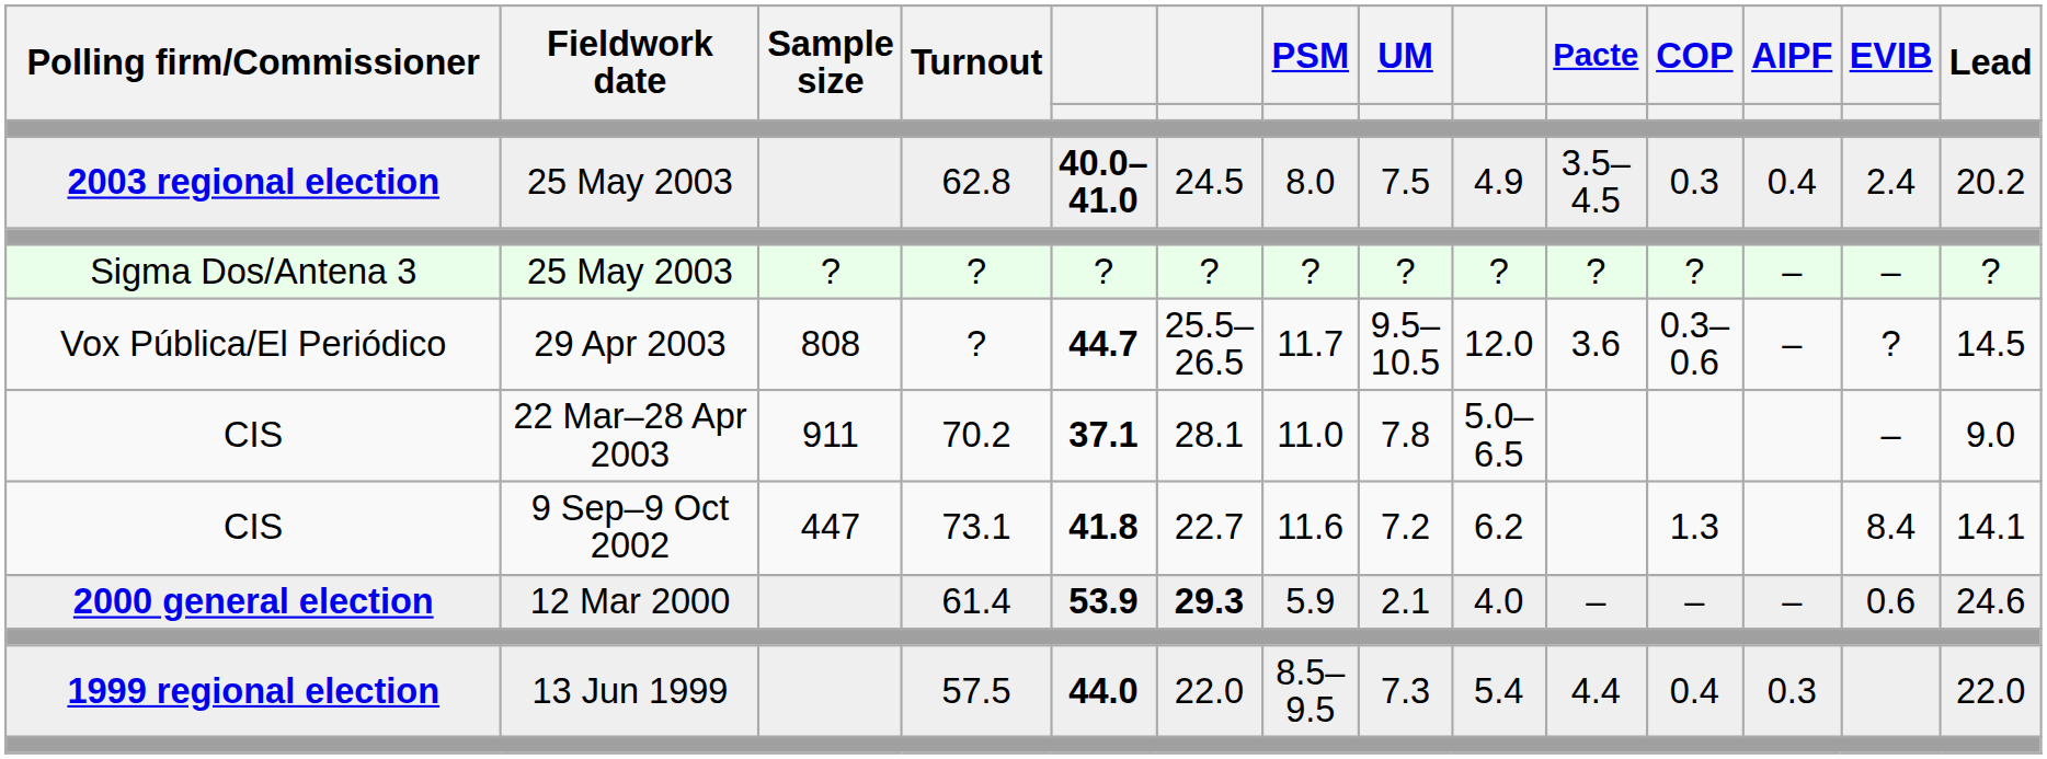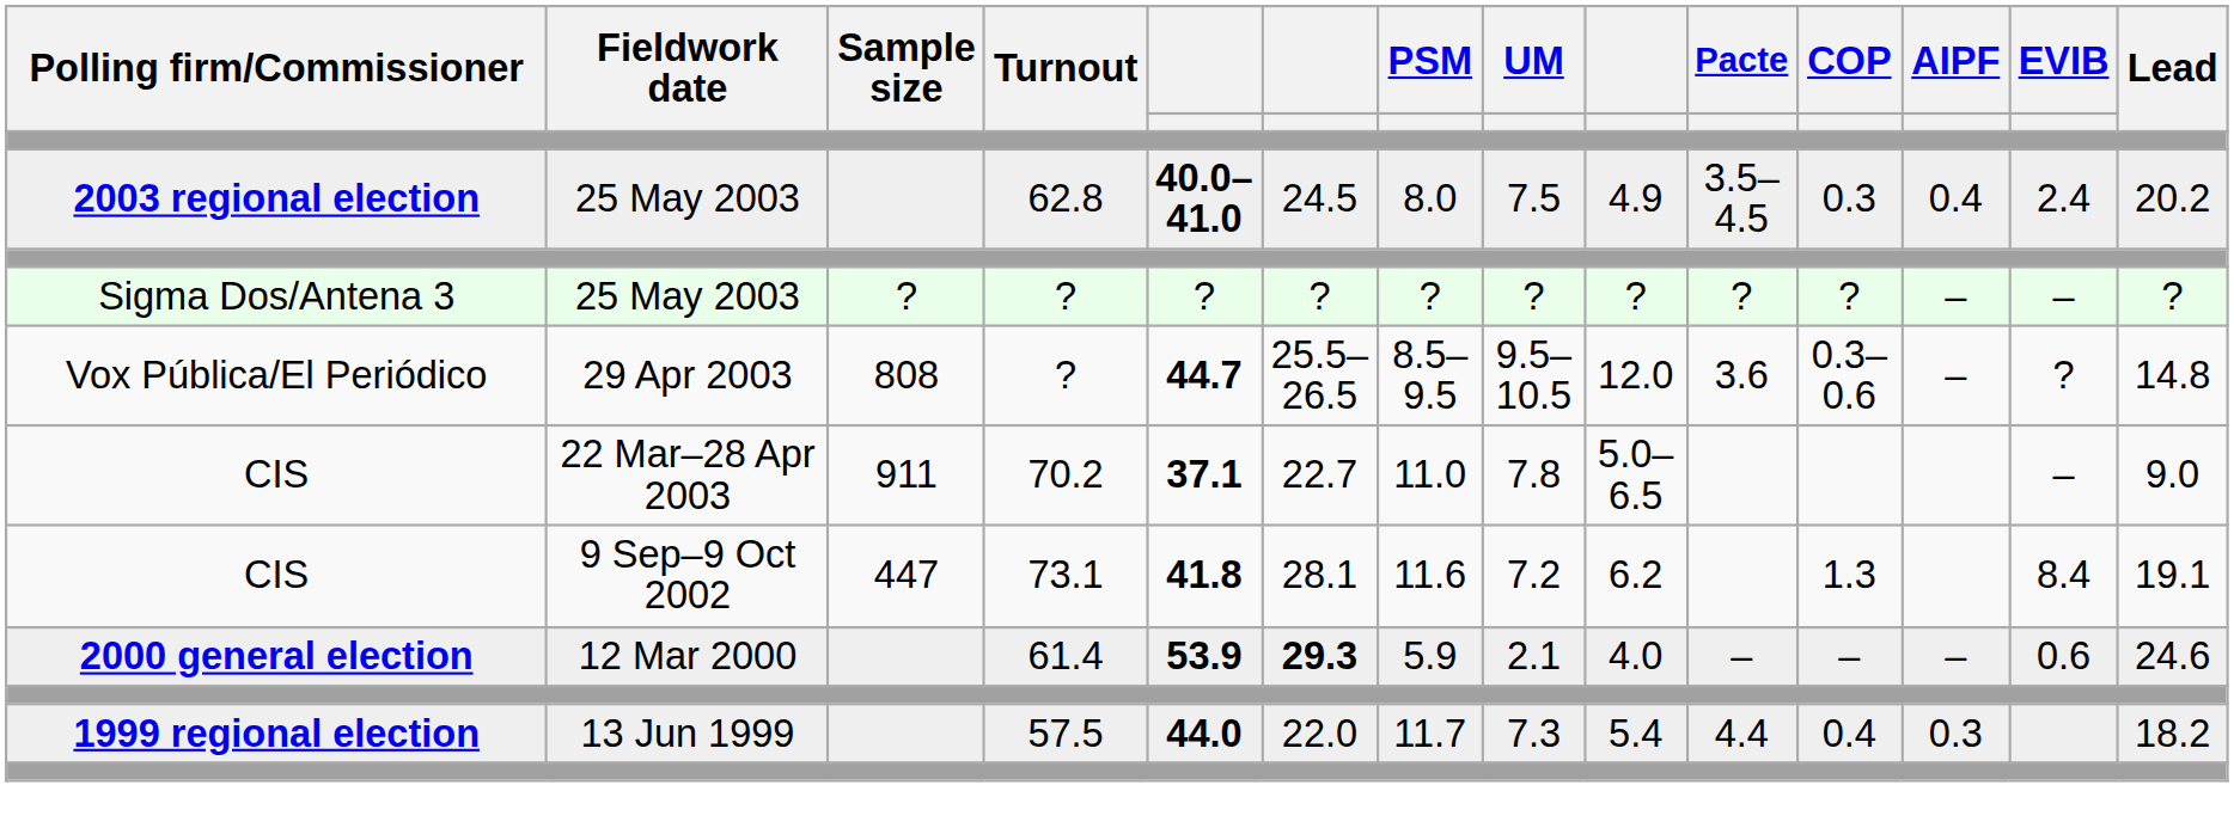 <table class="wikitable collapsible collapsed" style="text-align:center; font-size:95%; line-height:16px;">
 <tr style="height:42px;">
 <th style="width:250px;" rowspan="2">Polling firm/Commissioner</th>
 <th style="width:125px;" rowspan="2">Fieldwork date</th>
 <th style="width:50px;" rowspan="2">Sample size</th>
 <th style="width:45px;" rowspan="2">Turnout</th>
 <th style="width:35px;"></th>
 <th style="width:35px;"></th>
 <th style="width:35px;"><a href='#'>PSM</a></th>
 <th style="width:35px;"><a href='#'>UM</a></th>
 <th style="width:35px;"></th>
 <th style="width:35px; font-size:90%;"><a href='#'>Pacte</a></th>
 <th style="width:35px;"><a href='#'>COP</a></th>
 <th style="width:35px;"><a href='#'>AIPF</a></th>
 <th style="width:35px;"><a href='#'>EVIB</a></th>
 <th style="width:30px;" rowspan="2">Lead</th>
 </tr>
 <tr>
 <th style="color:inherit;background:"></th>
 <th style="color:inherit;background:"></th>
 <th style="color:inherit;background:"></th>
 <th style="color:inherit;background:"></th>
 <th style="color:inherit;background:"></th>
 <th style="color:inherit;background:"></th>
 <th style="color:inherit;background:"></th>
 <th style="color:inherit;background:"></th>
 <th style="color:inherit;background:"></th>
 </tr>
 <tr>
 <td colspan="14" style="background:#A0A0A0"></td>
 </tr>
 <tr style="background:#EFEFEF;">
 <td><strong><a href='#'>2003 regional election</a></strong></td>
 <td>25 May 2003</td>
 <td></td>
 <td>62.8</td>
 <td><strong>40.0–<br>41.0</strong><br></td>
 <td>24.5<br></td>
 <td>8.0<br></td>
 <td>7.5<br></td>
 <td>4.9<br></td>
 <td>3.5–<br>4.5<br></td>
 <td>0.3<br></td>
 <td>0.4<br></td>
 <td>2.4</td>
 <td style="background:">20.2</td>
 </tr>
 <tr>
 <td colspan="14" style="background:#A0A0A0"></td>
 </tr>
 <tr style="background:#EAFFEA;">
 <td>Sigma Dos/Antena 3</td>
 <td>25 May 2003</td>
 <td>?</td>
 <td>?</td>
 <td>?<br></td>
 <td>?<br></td>
 <td>?<br></td>
 <td>?<br></td>
 <td>?<br></td>
 <td>?<br></td>
 <td>?<br></td>
 <td>–</td>
 <td>–</td>
 <td style="background:">?</td>
 </tr>
 <tr>
 <td>Vox Pública/El Periódico</td>
 <td>29 Apr 2003</td>
 <td>808</td>
 <td>?</td>
 <td><strong>44.7</strong><br></td>
 <td>25.5–<br>26.5<br></td>
-<td>11.7<br></td>
+<td>8.5–<br>9.5<br></td>
 <td>9.5–<br>10.5<br></td>
 <td>12.0<br></td>
 <td>3.6<br></td>
 <td>0.3–<br>0.6<br></td>
 <td>–</td>
 <td>?<br></td>
-<td style="background:">14.5</td>
+<td style="background:">14.8</td>
 </tr>
 <tr>
 <td>CIS</td>
 <td>22 Mar–28 Apr 2003</td>
 <td>911</td>
 <td>70.2</td>
 <td><strong>37.1</strong><br></td>
-<td>28.1<br></td>
+<td>22.7</td>
 <td>11.0<br></td>
 <td>7.8<br></td>
 <td>5.0–<br>6.5<br></td>
 <td></td>
 <td></td>
 <td></td>
 <td>–</td>
 <td style="background:">9.0</td>
 </tr>
 <tr>
 <td>CIS</td>
 <td>9 Sep–9 Oct 2002</td>
 <td>447</td>
 <td>73.1</td>
 <td><strong>41.8</strong></td>
-<td>22.7</td>
+<td>28.1<br></td>
 <td>11.6</td>
 <td>7.2</td>
 <td>6.2</td>
 <td></td>
 <td>1.3</td>
 <td></td>
 <td>8.4</td>
-<td style="background:">14.1</td>
+<td style="background:">19.1</td>
 </tr>
 <tr style="background:#EFEFEF;">
 <td><strong><a href='#'>2000 general election</a></strong></td>
 <td>12 Mar 2000</td>
 <td></td>
 <td>61.4</td>
 <td><strong>53.9</strong></td>
 <td><strong>29.3</strong></td>
 <td>5.9</td>
 <td>2.1</td>
 <td>4.0</td>
 <td>–</td>
 <td>–</td>
 <td>–</td>
 <td>0.6<br></td>
 <td style="background:">24.6</td>
 </tr>
 <tr>
 <td colspan="14" style="background:#A0A0A0"></td>
 </tr>
 <tr style="background:#EFEFEF;">
 <td><strong><a href='#'>1999 regional election</a></strong></td>
 <td>13 Jun 1999</td>
 <td></td>
 <td>57.5</td>
 <td><strong>44.0</strong><br></td>
 <td>22.0<br></td>
-<td>8.5–<br>9.5<br></td>
+<td>11.7<br></td>
 <td>7.3<br></td>
 <td>5.4<br></td>
 <td>4.4<br></td>
 <td>0.4<br></td>
 <td>0.3<br></td>
 <td></td>
-<td style="background:">22.0</td>
+<td style="background:">18.2</td>
 </tr>
 <tr>
 <td colspan="14" style="background:#A0A0A0"></td>
 </tr>
 </table>
